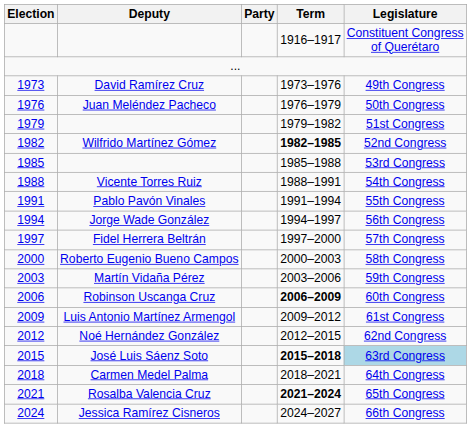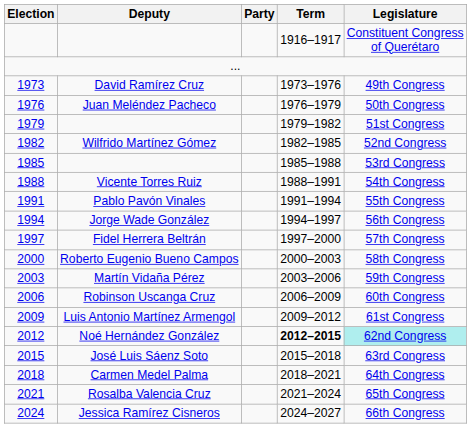 <table class="wikitable sortable" style="text-align: center">
 <tr>
 <th>Election</th>
 <th class="unsortable">Deputy</th>
 <th class="unsortable">Party</th>
 <th class="unsortable">Term</th>
 <th class="unsortable">Legislature</th>
 </tr>
 <tr>
 <td></td>
 <td></td>
 <td></td>
 <td>1916–1917</td>
 <td><a href='#'>Constituent Congress<br>of Querétaro</a></td>
 </tr>
 <tr>
 <td colspan=5> ...</td>
 </tr>
 <tr>
 <td><a href='#'>1973</a></td>
 <td><a href='#'>David Ramírez Cruz</a></td>
 <td></td>
 <td>1973–1976</td>
 <td><a href='#'>49th Congress</a></td>
 </tr>
 <tr>
 <td><a href='#'>1976</a></td>
 <td><a href='#'>Juan Meléndez Pacheco</a></td>
 <td></td>
 <td>1976–1979</td>
 <td><a href='#'>50th Congress</a></td>
 </tr>
 <tr>
 <td><a href='#'>1979</a></td>
 <td></td>
 <td></td>
 <td>1979–1982</td>
 <td><a href='#'>51st Congress</a></td>
 </tr>
 <tr>
 <td><a href='#'>1982</a></td>
 <td><a href='#'>Wilfrido Martínez Gómez</a></td>
 <td></td>
-<td><strong>1982–1985</strong></td>
+<td>1982–1985</td>
 <td><a href='#'>52nd Congress</a></td>
 </tr>
 <tr>
 <td><a href='#'>1985</a></td>
 <td></td>
 <td></td>
 <td>1985–1988</td>
 <td><a href='#'>53rd Congress</a></td>
 </tr>
 <tr>
 <td><a href='#'>1988</a></td>
 <td><a href='#'>Vicente Torres Ruiz</a></td>
 <td></td>
 <td>1988–1991</td>
 <td><a href='#'>54th Congress</a></td>
 </tr>
 <tr>
 <td><a href='#'>1991</a></td>
 <td><a href='#'>Pablo Pavón Vinales</a></td>
 <td></td>
 <td>1991–1994</td>
 <td><a href='#'>55th Congress</a></td>
 </tr>
 <tr>
 <td><a href='#'>1994</a></td>
 <td><a href='#'>Jorge Wade González</a></td>
 <td></td>
 <td>1994–1997</td>
 <td><a href='#'>56th Congress</a></td>
 </tr>
 <tr>
 <td><a href='#'>1997</a></td>
 <td><a href='#'>Fidel Herrera Beltrán</a></td>
 <td></td>
 <td>1997–2000</td>
 <td><a href='#'>57th Congress</a></td>
 </tr>
 <tr>
 <td><a href='#'>2000</a></td>
 <td><a href='#'>Roberto Eugenio Bueno Campos</a></td>
 <td></td>
 <td>2000–2003</td>
 <td><a href='#'>58th Congress</a></td>
 </tr>
 <tr>
 <td><a href='#'>2003</a></td>
 <td><a href='#'>Martín Vidaña Pérez</a></td>
 <td></td>
 <td>2003–2006</td>
 <td><a href='#'>59th Congress</a></td>
 </tr>
 <tr>
 <td><a href='#'>2006</a></td>
 <td><a href='#'>Robinson Uscanga Cruz</a></td>
 <td></td>
-<td><strong>2006–2009</strong></td>
+<td>2006–2009</td>
 <td><a href='#'>60th Congress</a></td>
 </tr>
 <tr>
 <td><a href='#'>2009</a></td>
 <td><a href='#'>Luis Antonio Martínez Armengol</a></td>
 <td></td>
 <td>2009–2012</td>
 <td><a href='#'>61st Congress</a></td>
 </tr>
 <tr>
 <td><a href='#'>2012</a></td>
 <td><a href='#'>Noé Hernández González</a></td>
 <td></td>
-<td>2012–2015</td>
-<td><a href='#'>62nd Congress</a></td>
+<td><strong>2012–2015</strong></td>
+<td style="background: paleturquoise;"><a href='#'>62nd Congress</a></td>
 </tr>
 <tr>
 <td><a href='#'>2015</a></td>
 <td><a href='#'>José Luis Sáenz Soto</a></td>
 <td></td>
-<td><strong>2015–2018</strong></td>
-<td style="background: lightblue;"><a href='#'>63rd Congress</a></td>
+<td>2015–2018</td>
+<td><a href='#'>63rd Congress</a></td>
 </tr>
 <tr>
 <td><a href='#'>2018</a></td>
 <td><a href='#'>Carmen Medel Palma</a></td>
 <td></td>
 <td>2018–2021</td>
 <td><a href='#'>64th Congress</a></td>
 </tr>
 <tr>
 <td><a href='#'>2021</a></td>
 <td><a href='#'>Rosalba Valencia Cruz</a></td>
 <td></td>
-<td><strong>2021–2024</strong></td>
+<td>2021–2024</td>
 <td><a href='#'>65th Congress</a></td>
 </tr>
 <tr>
 <td><a href='#'>2024</a></td>
 <td><a href='#'>Jessica Ramírez Cisneros</a></td>
 <td></td>
 <td>2024–2027</td>
 <td><a href='#'>66th Congress</a></td>
 </tr>
 </table>
